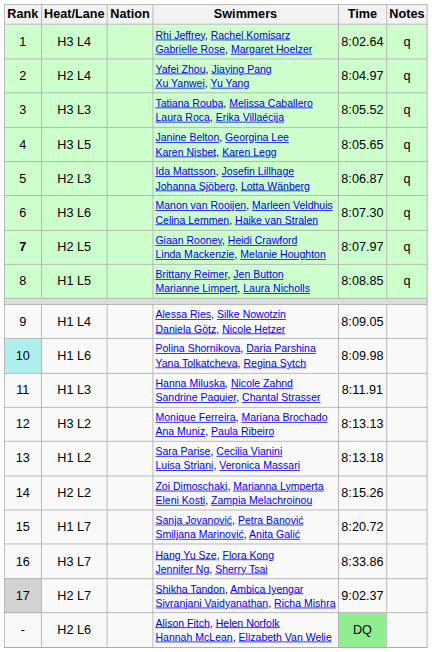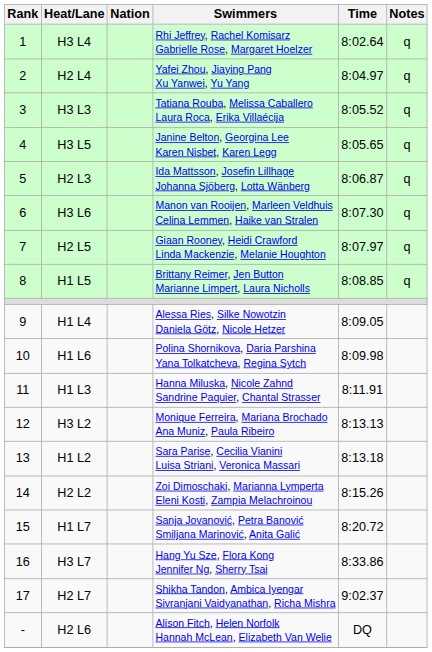 <table class="wikitable sortable" style="text-align:center">
 <tr>
 <th>Rank</th>
 <th>Heat/Lane</th>
 <th>Nation</th>
 <th>Swimmers</th>
 <th>Time</th>
 <th>Notes</th>
 </tr>
 <tr bgcolor=ccffcc>
 <td>1</td>
 <td>H3 L4</td>
 <td align=left></td>
 <td align=left><small> <a href='#'>Rhi Jeffrey</a>, <a href='#'>Rachel Komisarz</a> <br> <a href='#'>Gabrielle Rose</a>, <a href='#'>Margaret Hoelzer</a> </small></td>
 <td>8:02.64</td>
 <td>q</td>
 </tr>
 <tr bgcolor=ccffcc>
 <td>2</td>
 <td>H2 L4</td>
 <td align=left></td>
 <td align=left><small> <a href='#'>Yafei Zhou</a>, <a href='#'>Jiaying Pang</a> <br> <a href='#'>Xu Yanwei</a>, <a href='#'>Yu Yang</a> </small></td>
 <td>8:04.97</td>
 <td>q</td>
 </tr>
 <tr bgcolor=ccffcc>
 <td>3</td>
 <td>H3 L3</td>
 <td align=left></td>
 <td align=left><small> <a href='#'>Tatiana Rouba</a>, <a href='#'>Melissa Caballero</a> <br> <a href='#'>Laura Roca</a>, <a href='#'>Erika Villaécija</a> </small></td>
 <td>8:05.52</td>
 <td>q</td>
 </tr>
 <tr bgcolor=ccffcc>
 <td>4</td>
 <td>H3 L5</td>
 <td align=left></td>
 <td align=left><small> <a href='#'>Janine Belton</a>, <a href='#'>Georgina Lee</a> <br> <a href='#'>Karen Nisbet</a>, <a href='#'>Karen Legg</a> </small></td>
 <td>8:05.65</td>
 <td>q</td>
 </tr>
 <tr bgcolor=ccffcc>
 <td>5</td>
 <td>H2 L3</td>
 <td align=left></td>
 <td align=left><small> <a href='#'>Ida Mattsson</a>, <a href='#'>Josefin Lillhage</a> <br> <a href='#'>Johanna Sjöberg</a>, <a href='#'>Lotta Wänberg</a> </small></td>
 <td>8:06.87</td>
 <td>q</td>
 </tr>
 <tr bgcolor=ccffcc>
 <td>6</td>
 <td>H3 L6</td>
 <td align=left></td>
 <td align=left><small> <a href='#'>Manon van Rooijen</a>, <a href='#'>Marleen Veldhuis</a> <br> <a href='#'>Celina Lemmen</a>, <a href='#'>Haike van Stralen</a> </small></td>
 <td>8:07.30</td>
 <td>q</td>
 </tr>
 <tr bgcolor=ccffcc>
-<td><strong>7</strong></td>
+<td>7</td>
 <td>H2 L5</td>
 <td align=left></td>
 <td align=left><small> <a href='#'>Giaan Rooney</a>, <a href='#'>Heidi Crawford</a> <br> <a href='#'>Linda Mackenzie</a>, <a href='#'>Melanie Houghton</a> </small></td>
 <td>8:07.97</td>
 <td>q</td>
 </tr>
 <tr bgcolor=ccffcc>
 <td>8</td>
 <td>H1 L5</td>
 <td align=left></td>
 <td align=left><small> <a href='#'>Brittany Reimer</a>, <a href='#'>Jen Button</a> <br> <a href='#'>Marianne Limpert</a>, <a href='#'>Laura Nicholls</a> </small></td>
 <td>8:08.85</td>
 <td>q</td>
 </tr>
 <tr bgcolor=#DDDDDD>
 <td colspan=6></td>
 </tr>
 <tr>
 <td>9</td>
 <td>H1 L4</td>
 <td align=left></td>
 <td align=left><small> <a href='#'>Alessa Ries</a>, <a href='#'>Silke Nowotzin</a> <br> <a href='#'>Daniela Götz</a>, <a href='#'>Nicole Hetzer</a> </small></td>
 <td>8:09.05</td>
 <td></td>
 </tr>
 <tr>
-<td style="background: paleturquoise;">10</td>
+<td>10</td>
 <td>H1 L6</td>
 <td align=left></td>
 <td align=left><small> <a href='#'>Polina Shornikova</a>, <a href='#'>Daria Parshina</a> <br> <a href='#'>Yana Tolkatcheva</a>, <a href='#'>Regina Sytch</a> </small></td>
 <td>8:09.98</td>
 <td></td>
 </tr>
 <tr>
 <td>11</td>
 <td>H1 L3</td>
 <td align=left></td>
 <td align=left><small> <a href='#'>Hanna Miluska</a>, <a href='#'>Nicole Zahnd</a> <br> <a href='#'>Sandrine Paquier</a>, <a href='#'>Chantal Strasser</a> </small></td>
 <td>8:11.91</td>
 <td></td>
 </tr>
 <tr>
 <td>12</td>
 <td>H3 L2</td>
 <td align=left></td>
 <td align=left><small> <a href='#'>Monique Ferreira</a>, <a href='#'>Mariana Brochado</a> <br> <a href='#'>Ana Muniz</a>, <a href='#'>Paula Ribeiro</a> </small></td>
 <td>8:13.13</td>
 <td></td>
 </tr>
 <tr>
 <td>13</td>
 <td>H1 L2</td>
 <td align=left></td>
 <td align=left><small> <a href='#'>Sara Parise</a>, <a href='#'>Cecilia Vianini</a> <br> <a href='#'>Luisa Striani</a>, <a href='#'>Veronica Massari</a> </small></td>
 <td>8:13.18</td>
 <td></td>
 </tr>
 <tr>
 <td>14</td>
 <td>H2 L2</td>
 <td align=left></td>
 <td align=left><small> <a href='#'>Zoi Dimoschaki</a>, <a href='#'>Marianna Lymperta</a> <br> <a href='#'>Eleni Kosti</a>, <a href='#'>Zampia Melachroinou</a> </small></td>
 <td>8:15.26</td>
 <td></td>
 </tr>
 <tr>
 <td>15</td>
 <td>H1 L7</td>
 <td align=left></td>
 <td align=left><small> <a href='#'>Sanja Jovanović</a>, <a href='#'>Petra Banović</a> <br> <a href='#'>Smiljana Marinović</a>, <a href='#'>Anita Galić</a> </small></td>
 <td>8:20.72</td>
 <td></td>
 </tr>
 <tr>
 <td>16</td>
 <td>H3 L7</td>
 <td align=left></td>
 <td align=left><small> <a href='#'>Hang Yu Sze</a>, <a href='#'>Flora Kong</a> <br> <a href='#'>Jennifer Ng</a>, <a href='#'>Sherry Tsai</a> </small></td>
 <td>8:33.86</td>
 <td></td>
 </tr>
 <tr>
-<td style="background: lightgrey;">17</td>
+<td>17</td>
 <td>H2 L7</td>
 <td align=left></td>
 <td align=left><small> <a href='#'>Shikha Tandon</a>, <a href='#'>Ambica Iyengar</a> <br> <a href='#'>Sivranjani Vaidyanathan</a>, <a href='#'>Richa Mishra</a> </small></td>
 <td>9:02.37</td>
 <td></td>
 </tr>
 <tr>
 <td>-</td>
 <td>H2 L6</td>
 <td align=left></td>
 <td align=left><small> <a href='#'>Alison Fitch</a>, <a href='#'>Helen Norfolk</a> <br> <a href='#'>Hannah McLean</a>, <a href='#'>Elizabeth Van Welie</a> </small></td>
-<td style="background: lightgreen;">DQ</td>
+<td>DQ</td>
 <td></td>
 </tr>
 <tr>
 </tr>
 </table>
